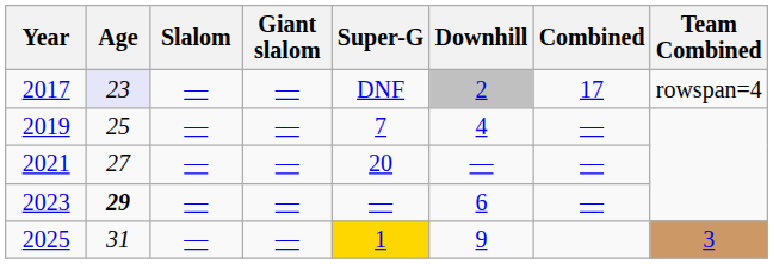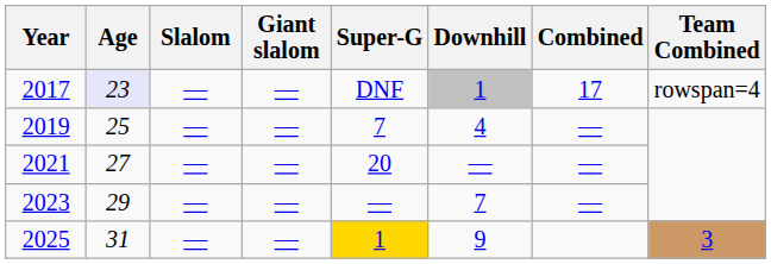 <table class=wikitable style="text-align:center">
 <tr>
 <th>  Year  </th>
 <th> Age </th>
 <th> Slalom </th>
 <th>Giant<br> slalom </th>
 <th>Super-G</th>
 <th>Downhill</th>
 <th>Combined</th>
 <th>Team<br>Combined</th>
 </tr>
 <tr>
 <td><a href='#'>2017</a></td>
 <td style="background: lavender;"><em>23</em></td>
 <td><a href='#'>—</a></td>
 <td><a href='#'>—</a></td>
 <td><a href='#'>DNF</a></td>
-<td style="background:silver;"><a href='#'>2</a></td>
+<td style="background:silver;"><a href='#'>1</a></td>
 <td><a href='#'>17</a></td>
 <td>rowspan=4</td>
 </tr>
 <tr>
 <td><a href='#'>2019</a></td>
 <td><em>25</em></td>
 <td><a href='#'>—</a></td>
 <td><a href='#'>—</a></td>
 <td><a href='#'>7</a></td>
 <td><a href='#'>4</a></td>
 <td><a href='#'>—</a></td>
 </tr>
 <tr>
 <td><a href='#'>2021</a></td>
 <td><em>27</em></td>
 <td><a href='#'>—</a></td>
 <td><a href='#'>—</a></td>
 <td><a href='#'>20</a></td>
 <td><a href='#'>—</a></td>
 <td><a href='#'>—</a></td>
 </tr>
 <tr>
 <td><a href='#'>2023</a></td>
-<td><strong><em>29</em></strong></td>
+<td><em>29</em></td>
 <td><a href='#'>—</a></td>
 <td><a href='#'>—</a></td>
 <td><a href='#'>—</a></td>
-<td><a href='#'>6</a></td>
+<td><a href='#'>7</a></td>
 <td><a href='#'>—</a></td>
 </tr>
 <tr>
 <td><a href='#'>2025</a></td>
 <td><em>31</em></td>
 <td><a href='#'>—</a></td>
 <td><a href='#'>—</a></td>
 <td style="background:gold;"><a href='#'>1</a></td>
 <td><a href='#'>9</a></td>
 <td></td>
 <td style="background:#c96;"><a href='#'>3</a></td>
 </tr>
 </table>
